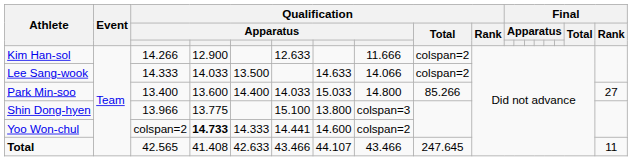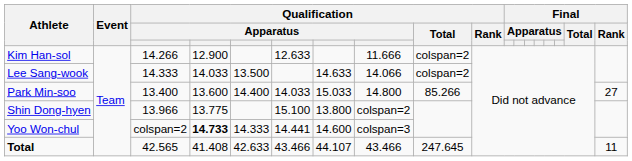 <table class="wikitable" style="font-size:90%">
 <tr>
 <th rowspan=3>Athlete</th>
 <th rowspan=3>Event</th>
 <th colspan =8>Qualification</th>
 <th colspan =8>Final</th>
 </tr>
 <tr style="font-size:95%">
 <th colspan=6>Apparatus</th>
 <th rowspan=2>Total</th>
 <th rowspan=2>Rank</th>
 <th colspan=6>Apparatus</th>
 <th rowspan=2>Total</th>
 <th rowspan=2>Rank</th>
 </tr>
 <tr style="font-size:95%">
 <th></th>
 <th></th>
 <th></th>
 <th></th>
 <th></th>
 <th></th>
 <th></th>
 <th></th>
 <th></th>
 <th></th>
 <th></th>
 <th></th>
 </tr>
 <tr align=center>
 <td align=left><a href='#'>Kim Han-sol</a></td>
 <td align=left rowspan=6><a href='#'>Team</a></td>
 <td>14.266</td>
 <td>12.900</td>
 <td></td>
 <td>12.633</td>
 <td></td>
 <td>11.666</td>
 <td>colspan=2 </td>
 <td rowspan=6 colspan=8>Did not advance</td>
 </tr>
 <tr align=center>
 <td align=left><a href='#'>Lee Sang-wook</a></td>
 <td>14.333</td>
 <td>14.033</td>
 <td>13.500</td>
 <td></td>
 <td>14.633</td>
 <td>14.066</td>
 <td>colspan=2 </td>
 </tr>
 <tr align=center>
 <td align=left><a href='#'>Park Min-soo</a></td>
 <td>13.400</td>
 <td>13.600</td>
 <td>14.400</td>
 <td>14.033</td>
 <td>15.033</td>
 <td>14.800</td>
 <td>85.266</td>
 <td>27</td>
 </tr>
 <tr align=center>
 <td align=left><a href='#'>Shin Dong-hyen</a></td>
 <td>13.966</td>
 <td>13.775</td>
 <td></td>
 <td>15.100</td>
 <td>13.800</td>
-<td>colspan=3 </td>
+<td>colspan=2 </td>
 </tr>
 <tr align=center>
 <td align=left><a href='#'>Yoo Won-chul</a></td>
 <td>colspan=2 </td>
 <td><strong>14.733</strong></td>
 <td>14.333</td>
 <td>14.441</td>
 <td>14.600</td>
-<td>colspan=2 </td>
+<td>colspan=3 </td>
 </tr>
 <tr align=center>
 <td align=left><strong>Total</strong></td>
 <td>42.565</td>
 <td>41.408</td>
 <td>42.633</td>
 <td>43.466</td>
 <td>44.107</td>
 <td>43.466</td>
 <td>247.645</td>
 <td>11</td>
 </tr>
 </table>
